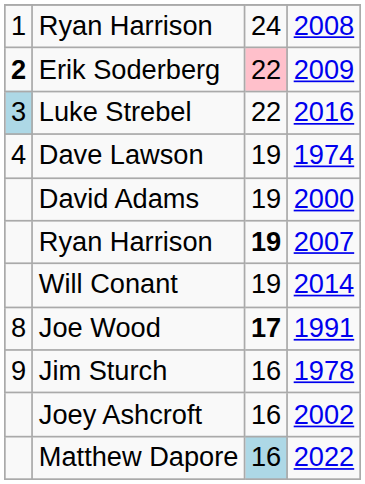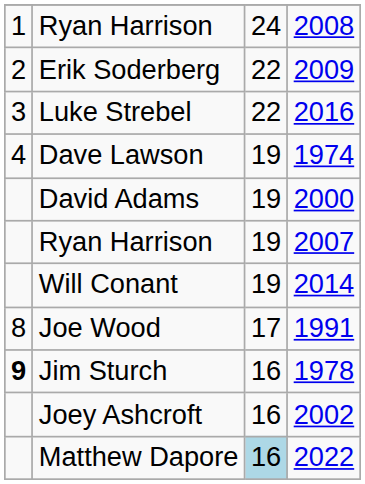 <table class="wikitable">
 <tr>
 </tr>
 <tr>
 <td>1</td>
 <td>Ryan Harrison</td>
 <td>24</td>
 <td><a href='#'>2008</a></td>
 </tr>
 <tr>
-<td><strong>2</strong></td>
+<td>2</td>
 <td>Erik Soderberg</td>
-<td style="background: pink;">22</td>
+<td>22</td>
 <td><a href='#'>2009</a></td>
 </tr>
 <tr>
-<td style="background: lightblue;">3</td>
+<td>3</td>
 <td>Luke Strebel</td>
 <td>22</td>
 <td><a href='#'>2016</a></td>
 </tr>
 <tr>
 <td>4</td>
 <td>Dave Lawson</td>
 <td>19</td>
 <td><a href='#'>1974</a></td>
 </tr>
 <tr>
 <td></td>
 <td>David Adams</td>
 <td>19</td>
 <td><a href='#'>2000</a></td>
 </tr>
 <tr>
 <td></td>
 <td>Ryan Harrison</td>
-<td><strong>19</strong></td>
+<td>19</td>
 <td><a href='#'>2007</a></td>
 </tr>
 <tr>
 <td></td>
 <td>Will Conant</td>
 <td>19</td>
 <td><a href='#'>2014</a></td>
 </tr>
 <tr>
 <td>8</td>
 <td>Joe Wood</td>
-<td><strong>17</strong></td>
+<td>17</td>
 <td><a href='#'>1991</a></td>
 </tr>
 <tr>
-<td>9</td>
+<td><strong>9</strong></td>
 <td>Jim Sturch</td>
 <td>16</td>
 <td><a href='#'>1978</a></td>
 </tr>
 <tr>
 <td></td>
 <td>Joey Ashcroft</td>
 <td>16</td>
 <td><a href='#'>2002</a></td>
 </tr>
 <tr>
 <td></td>
 <td>Matthew Dapore</td>
 <td style="background: lightblue;">16</td>
 <td><a href='#'>2022</a></td>
 </tr>
 </table>
